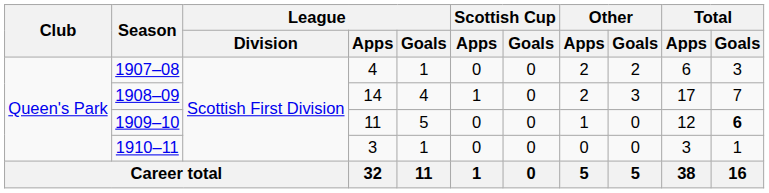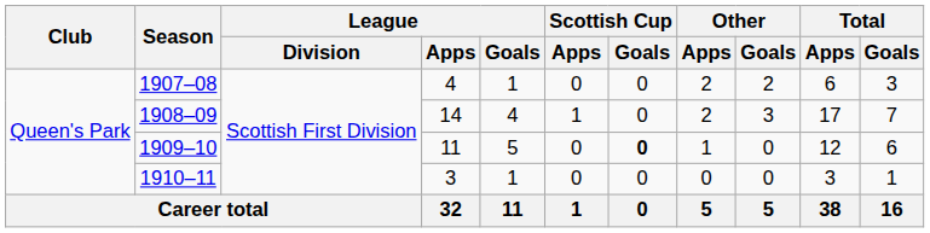 <table class="wikitable" style="text-align: center;">
 <tr>
 <th rowspan="2">Club</th>
 <th rowspan="2">Season</th>
 <th colspan="3">League</th>
 <th colspan="2">Scottish Cup</th>
 <th colspan="2">Other</th>
 <th colspan="2">Total</th>
 </tr>
 <tr>
 <th>Division</th>
 <th>Apps</th>
 <th>Goals</th>
 <th>Apps</th>
 <th>Goals</th>
 <th>Apps</th>
 <th>Goals</th>
 <th>Apps</th>
 <th>Goals</th>
 </tr>
 <tr>
 <td rowspan="4"><a href='#'>Queen's Park</a></td>
 <td><a href='#'>1907–08</a></td>
 <td rowspan="4"><a href='#'>Scottish First Division</a></td>
 <td>4</td>
 <td>1</td>
 <td>0</td>
 <td>0</td>
 <td>2</td>
 <td>2</td>
 <td>6</td>
 <td>3</td>
 </tr>
 <tr>
 <td><a href='#'>1908–09</a></td>
 <td>14</td>
 <td>4</td>
 <td>1</td>
 <td>0</td>
 <td>2</td>
 <td>3</td>
 <td>17</td>
 <td>7</td>
 </tr>
 <tr>
 <td><a href='#'>1909–10</a></td>
 <td>11</td>
 <td>5</td>
 <td>0</td>
-<td>0</td>
+<td><strong>0</strong></td>
 <td>1</td>
 <td>0</td>
 <td>12</td>
-<td><strong>6</strong></td>
+<td>6</td>
 </tr>
 <tr>
 <td><a href='#'>1910–11</a></td>
 <td>3</td>
 <td>1</td>
 <td>0</td>
 <td>0</td>
 <td>0</td>
 <td>0</td>
 <td>3</td>
 <td>1</td>
 </tr>
 <tr>
 <th colspan="3">Career total</th>
 <th>32</th>
 <th>11</th>
 <th>1</th>
 <th>0</th>
 <th>5</th>
 <th>5</th>
 <th>38</th>
 <th>16</th>
 </tr>
 </table>
